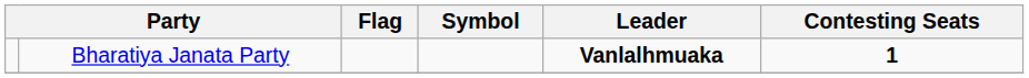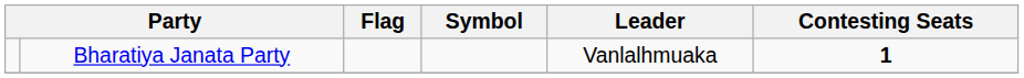 <table class="wikitable" width="60%" style="text-align:center">
 <tr>
 <th colspan="2">Party</th>
 <th>Flag</th>
 <th>Symbol</th>
 <th>Leader</th>
 <th>Contesting Seats</th>
 </tr>
 <tr>
 <td></td>
 <td><a href='#'>Bharatiya Janata Party</a></td>
 <td></td>
 <td></td>
-<td><strong>Vanlalhmuaka</strong></td>
+<td>Vanlalhmuaka</td>
 <td><strong>1</strong></td>
 </tr>
 <tr>
 </tr>
 </table>
